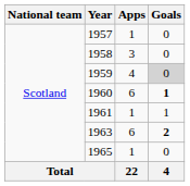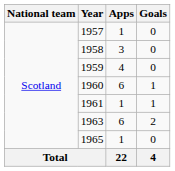 <table class="wikitable" style="font-size:100%; text-align: center">
 <tr>
 <th>National team</th>
 <th>Year</th>
 <th>Apps</th>
 <th>Goals</th>
 </tr>
 <tr>
 <td rowspan="7"><a href='#'>Scotland</a></td>
 <td>1957</td>
 <td>1</td>
 <td>0</td>
 </tr>
 <tr>
 <td>1958</td>
 <td>3</td>
 <td>0</td>
 </tr>
 <tr>
 <td>1959</td>
 <td>4</td>
-<td style="background: lightgrey;">0</td>
+<td>0</td>
 </tr>
 <tr>
 <td>1960</td>
 <td>6</td>
-<td><strong>1</strong></td>
+<td>1</td>
 </tr>
 <tr>
 <td>1961</td>
 <td>1</td>
 <td>1</td>
 </tr>
 <tr>
 <td>1963</td>
 <td>6</td>
-<td><strong>2</strong></td>
+<td>2</td>
 </tr>
 <tr>
 <td>1965</td>
 <td>1</td>
 <td>0</td>
 </tr>
 <tr>
 <th colspan=2>Total</th>
 <th>22</th>
 <th>4</th>
 </tr>
 </table>
